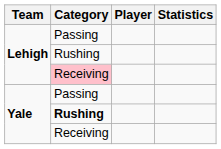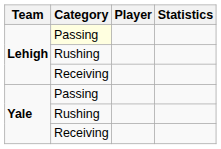 <table class="wikitable" style="float: right;">
 <tr>
 <th>Team</th>
 <th>Category</th>
 <th>Player</th>
 <th>Statistics</th>
 </tr>
 <tr>
 <td rowspan=3><strong>Lehigh</strong></td>
+<td style="background: lightyellow;">Passing</td>
+<td></td>
+<td></td>
+</tr>
+<tr>
+<td>Rushing</td>
+<td></td>
+<td></td>
+</tr>
+<tr>
+<td>Receiving</td>
+<td></td>
+<td></td>
+</tr>
+<tr>
+<td rowspan=3><strong>Yale</strong></td>
 <td>Passing</td>
 <td></td>
 <td></td>
 </tr>
 <tr>
 <td>Rushing</td>
 <td></td>
 <td></td>
 </tr>
 <tr>
-<td style="background: pink;">Receiving</td>
-<td></td>
-<td></td>
-</tr>
-<tr>
-<td rowspan=3><strong>Yale</strong></td>
-<td>Passing</td>
-<td></td>
-<td></td>
-</tr>
-<tr>
-<td><strong>Rushing</strong></td>
-<td></td>
-<td></td>
-</tr>
-<tr>
 <td>Receiving</td>
 <td></td>
 <td></td>
 </tr>
 </table>
